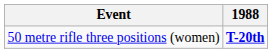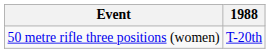 <table class="wikitable" style="text-align: center">
 <tr>
 <th>Event</th>
 <th>1988</th>
 </tr>
 <tr>
 <td align=left><a href='#'>50 metre rifle three positions</a> (women)</td>
-<td><strong><a href='#'>T-20th</a></strong></td>
+<td><a href='#'>T-20th</a></td>
 </tr>
 </table>
